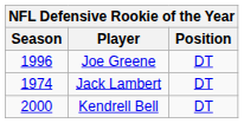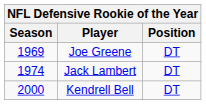 <table class="wikitable sortable" style="text-align:center">
 <tr>
 <th colspan="4">NFL Defensive Rookie of the Year</th>
 </tr>
 <tr>
 <th>Season</th>
 <th>Player</th>
 <th>Position</th>
 </tr>
 <tr>
-<td><a href='#'>1996</a></td>
+<td><a href='#'>1969</a></td>
 <td><a href='#'>Joe Greene</a></td>
 <td><a href='#'>DT</a></td>
 </tr>
 <tr>
 <td><a href='#'>1974</a></td>
 <td><a href='#'>Jack Lambert</a></td>
 <td><a href='#'>DT</a></td>
 </tr>
 <tr>
 <td><a href='#'>2000</a></td>
 <td><a href='#'>Kendrell Bell</a></td>
 <td><a href='#'>DT</a></td>
 </tr>
 </table>
